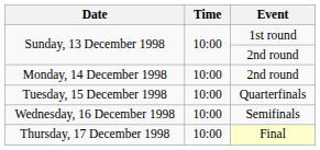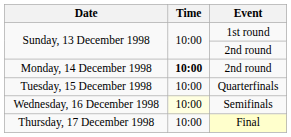 <table class = "wikitable" style="text-align:center;">
 <tr>
 <th width=220>Date</th>
 <th width=50>Time</th>
 <th width=100>Event</th>
 </tr>
 <tr>
 <td rowspan=2>Sunday, 13 December 1998</td>
 <td rowspan=2>10:00</td>
 <td>1st round</td>
 </tr>
 <tr>
 <td>2nd round</td>
 </tr>
 <tr>
 <td>Monday, 14 December 1998</td>
-<td>10:00</td>
+<td><strong>10:00</strong></td>
 <td>2nd round</td>
 </tr>
 <tr>
 <td>Tuesday, 15 December 1998</td>
 <td>10:00</td>
 <td>Quarterfinals</td>
 </tr>
 <tr>
 <td>Wednesday, 16 December 1998</td>
-<td>10:00</td>
+<td style="background: lightyellow;">10:00</td>
 <td>Semifinals</td>
 </tr>
 <tr>
 <td>Thursday, 17 December 1998</td>
 <td>10:00</td>
 <td bgcolor=ffffcc>Final</td>
 </tr>
 </table>
